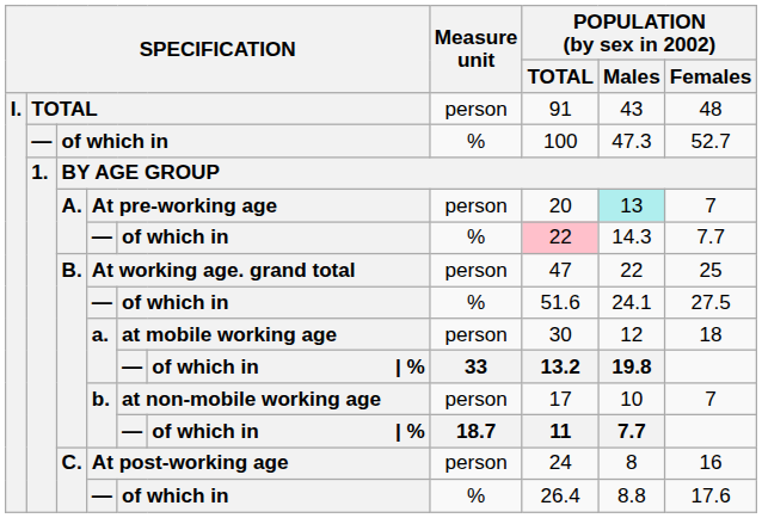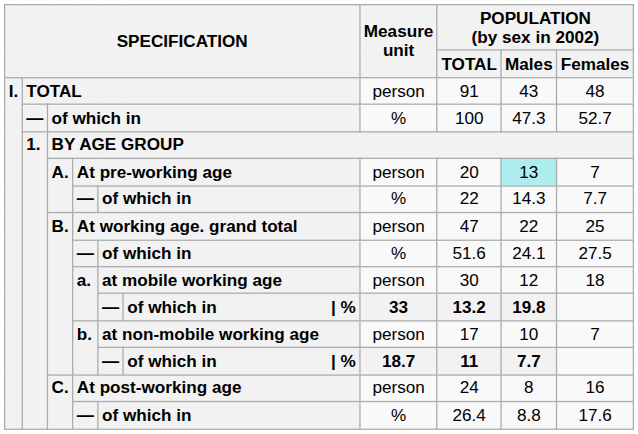 <table class="wikitable" style="font-size:85%; text-align:center">
 <tr>
 <th rowspan="2" colspan="6">SPECIFICATION</th>
 <th rowspan="2">Measure<br> unit</th>
 <th colspan="3" rowspan="1">POPULATION<br> (by sex in 2002)</th>
 </tr>
 <tr>
 <th>TOTAL</th>
 <th>Males</th>
 <th>Females</th>
 </tr>
 <tr>
 <th style="text-align:left" valign="top" rowspan="13">I.</th>
 <th style="text-align:left" colspan="5">TOTAL</th>
 <td>person</td>
 <td>91</td>
 <td>43</td>
 <td>48</td>
 </tr>
 <tr>
 <th style="text-align:left" valign="top">—</th>
 <th style="text-align:left" colspan="4">of which in</th>
 <td>%</td>
 <td>100</td>
 <td>47.3</td>
 <td>52.7</td>
 </tr>
 <tr>
 <th style="text-align:left" valign="top" rowspan="11">1.</th>
 <th style="text-align:left" colspan="19">BY AGE GROUP</th>
 </tr>
 <tr>
 <th style="text-align:left" valign="top" rowspan="2">A.</th>
 <th style="text-align:left" colspan="3">At pre-working age</th>
 <td>person</td>
 <td>20</td>
 <td style="background: paleturquoise;">13</td>
 <td>7</td>
 </tr>
 <tr>
 <th style="text-align:left" valign="top">—</th>
 <th style="text-align:left" valign="top" colspan="2">of which in</th>
 <td>%</td>
-<td style="background: pink;">22</td>
+<td>22</td>
 <td>14.3</td>
 <td>7.7</td>
 </tr>
 <tr>
 <th style="text-align:left" valign="top" rowspan="6">B.</th>
 <th style="text-align:left" colspan="3">At working age. grand total</th>
 <td>person</td>
 <td>47</td>
 <td>22</td>
 <td>25</td>
 </tr>
 <tr>
 <th style="text-align:left" valign="top">—</th>
 <th style="text-align:left" valign="top" colspan="2">of which in</th>
 <td>%</td>
 <td>51.6</td>
 <td>24.1</td>
 <td>27.5</td>
 </tr>
 <tr>
 <th style="text-align:left" valign="top" rowspan="2">a.</th>
 <th style="text-align:left" colspan="2">at mobile working age</th>
 <td>person</td>
 <td>30</td>
 <td>12</td>
 <td>18</td>
 </tr>
 <tr>
 <th style="text-align:left" valign="top">—</th>
 <th style="text-align:left" valign="top" colspan="1">of which in                        | %</th>
 <th>33</th>
 <th>13.2</th>
 <th>19.8</th>
 </tr>
 <tr>
 <th style="text-align:left" valign="top" rowspan="2">b.</th>
 <th style="text-align:left" colspan="2">at non-mobile working age</th>
 <td>person</td>
 <td>17</td>
 <td>10</td>
 <td>7</td>
 </tr>
 <tr>
 <th style="text-align:left" valign="top">—</th>
 <th style="text-align:left" valign="top" colspan="1">of which in                        | %</th>
 <th>18.7</th>
 <th>11</th>
 <th>7.7</th>
 </tr>
 <tr>
 <th style="text-align:left" valign="top" rowspan="2">C.</th>
 <th style="text-align:left" colspan="3">At post-working age</th>
 <td>person</td>
 <td>24</td>
 <td>8</td>
 <td>16</td>
 </tr>
 <tr>
 <th style="text-align:left" valign="top">—</th>
 <th style="text-align:left" valign="top" colspan="2">of which in</th>
 <td>%</td>
 <td>26.4</td>
 <td>8.8</td>
 <td>17.6</td>
 </tr>
 </table>
